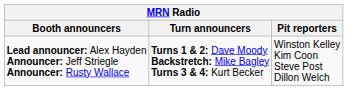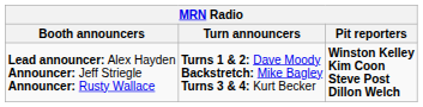 <table class="wikitable" style="font-size: 95%">
 <tr>
 <th colspan="3"><a href='#'>MRN</a> Radio</th>
 </tr>
 <tr>
 <th>Booth announcers</th>
 <th>Turn announcers</th>
 <th>Pit reporters</th>
 </tr>
 <tr>
 <td><strong>Lead announcer:</strong> Alex Hayden<br><strong>Announcer:</strong> Jeff Striegle<br><strong>Announcer:</strong> <a href='#'>Rusty Wallace</a></td>
 <td><strong>Turns 1 & 2:</strong> <a href='#'>Dave Moody</a><br><strong>Backstretch:</strong> <a href='#'>Mike Bagley</a><br><strong>Turns 3 & 4:</strong> Kurt Becker</td>
-<td>Winston Kelley<br>Kim Coon<br>Steve Post<br>Dillon Welch</td>
+<td><strong>Winston Kelley<br>Kim Coon<br>Steve Post<br>Dillon Welch</strong></td>
 </tr>
 </table>
